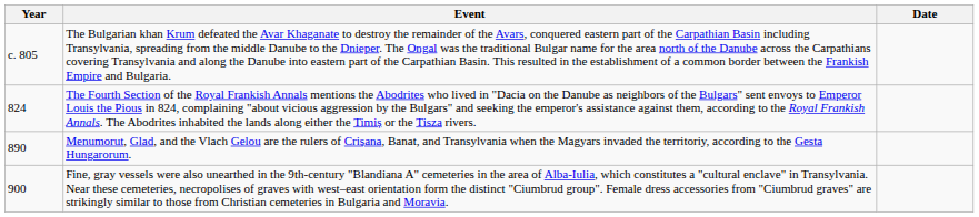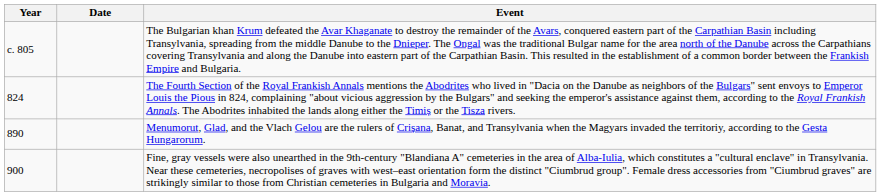 <table class="wikitable" width="100%">
 <tr>
 <th style="width:6%">Year</th>
+<th style="width:10%">Date</th>
 <th>Event</th>
-<th style="width:10%">Date</th>
 </tr>
 <tr>
 <td>c. 805</td>
+<td></td>
 <td>The Bulgarian khan <a href='#'>Krum</a> defeated the <a href='#'>Avar Khaganate</a> to destroy the remainder of the <a href='#'>Avars</a>, conquered eastern part of the <a href='#'>Carpathian Basin</a> including Transylvania, spreading from the middle Danube to the <a href='#'>Dnieper</a>. The <a href='#'>Ongal</a> was the traditional Bulgar name for the area <a href='#'>north of the Danube</a> across the Carpathians covering Transylvania and along the Danube into eastern part of the Carpathian Basin. This resulted in the establishment of a common border between the <a href='#'>Frankish Empire</a> and Bulgaria.</td>
-<td></td>
 </tr>
 <tr>
 <td>824</td>
+<td></td>
 <td><a href='#'>The Fourth Section</a> of the <a href='#'>Royal Frankish Annals</a> mentions the <a href='#'>Abodrites</a> who lived in "Dacia on the Danube as neighbors of the <a href='#'>Bulgars</a>" sent envoys to <a href='#'>Emperor</a> <a href='#'>Louis the Pious</a> in 824, complaining "about vicious aggression by the Bulgars" and seeking the emperor's assistance against them, according to the <em><a href='#'>Royal Frankish Annals</a></em>. The Abodrites inhabited the lands along either the <a href='#'>Timiș</a> or the <a href='#'>Tisza</a> rivers.</td>
-<td></td>
 </tr>
 <tr>
 <td>890</td>
+<td></td>
 <td><a href='#'>Menumorut</a>, <a href='#'>Glad</a>, and the Vlach <a href='#'>Gelou</a> are the rulers of <a href='#'>Crișana</a>, Banat, and Transylvania when the Magyars invaded the territoriy, according to the <a href='#'>Gesta Hungarorum</a>.</td>
-<td></td>
 </tr>
 <tr>
 <td>900</td>
+<td></td>
 <td>Fine, gray vessels were also unearthed in the 9th-century "Blandiana A" cemeteries in the area of <a href='#'>Alba-Iulia</a>, which constitutes a "cultural enclave" in Transylvania. Near these cemeteries, necropolises of graves with west–east orientation form the distinct "Ciumbrud group". Female dress accessories from "Ciumbrud graves" are strikingly similar to those from Christian cemeteries in Bulgaria and <a href='#'>Moravia</a>.</td>
-<td></td>
 </tr>
 </table>
